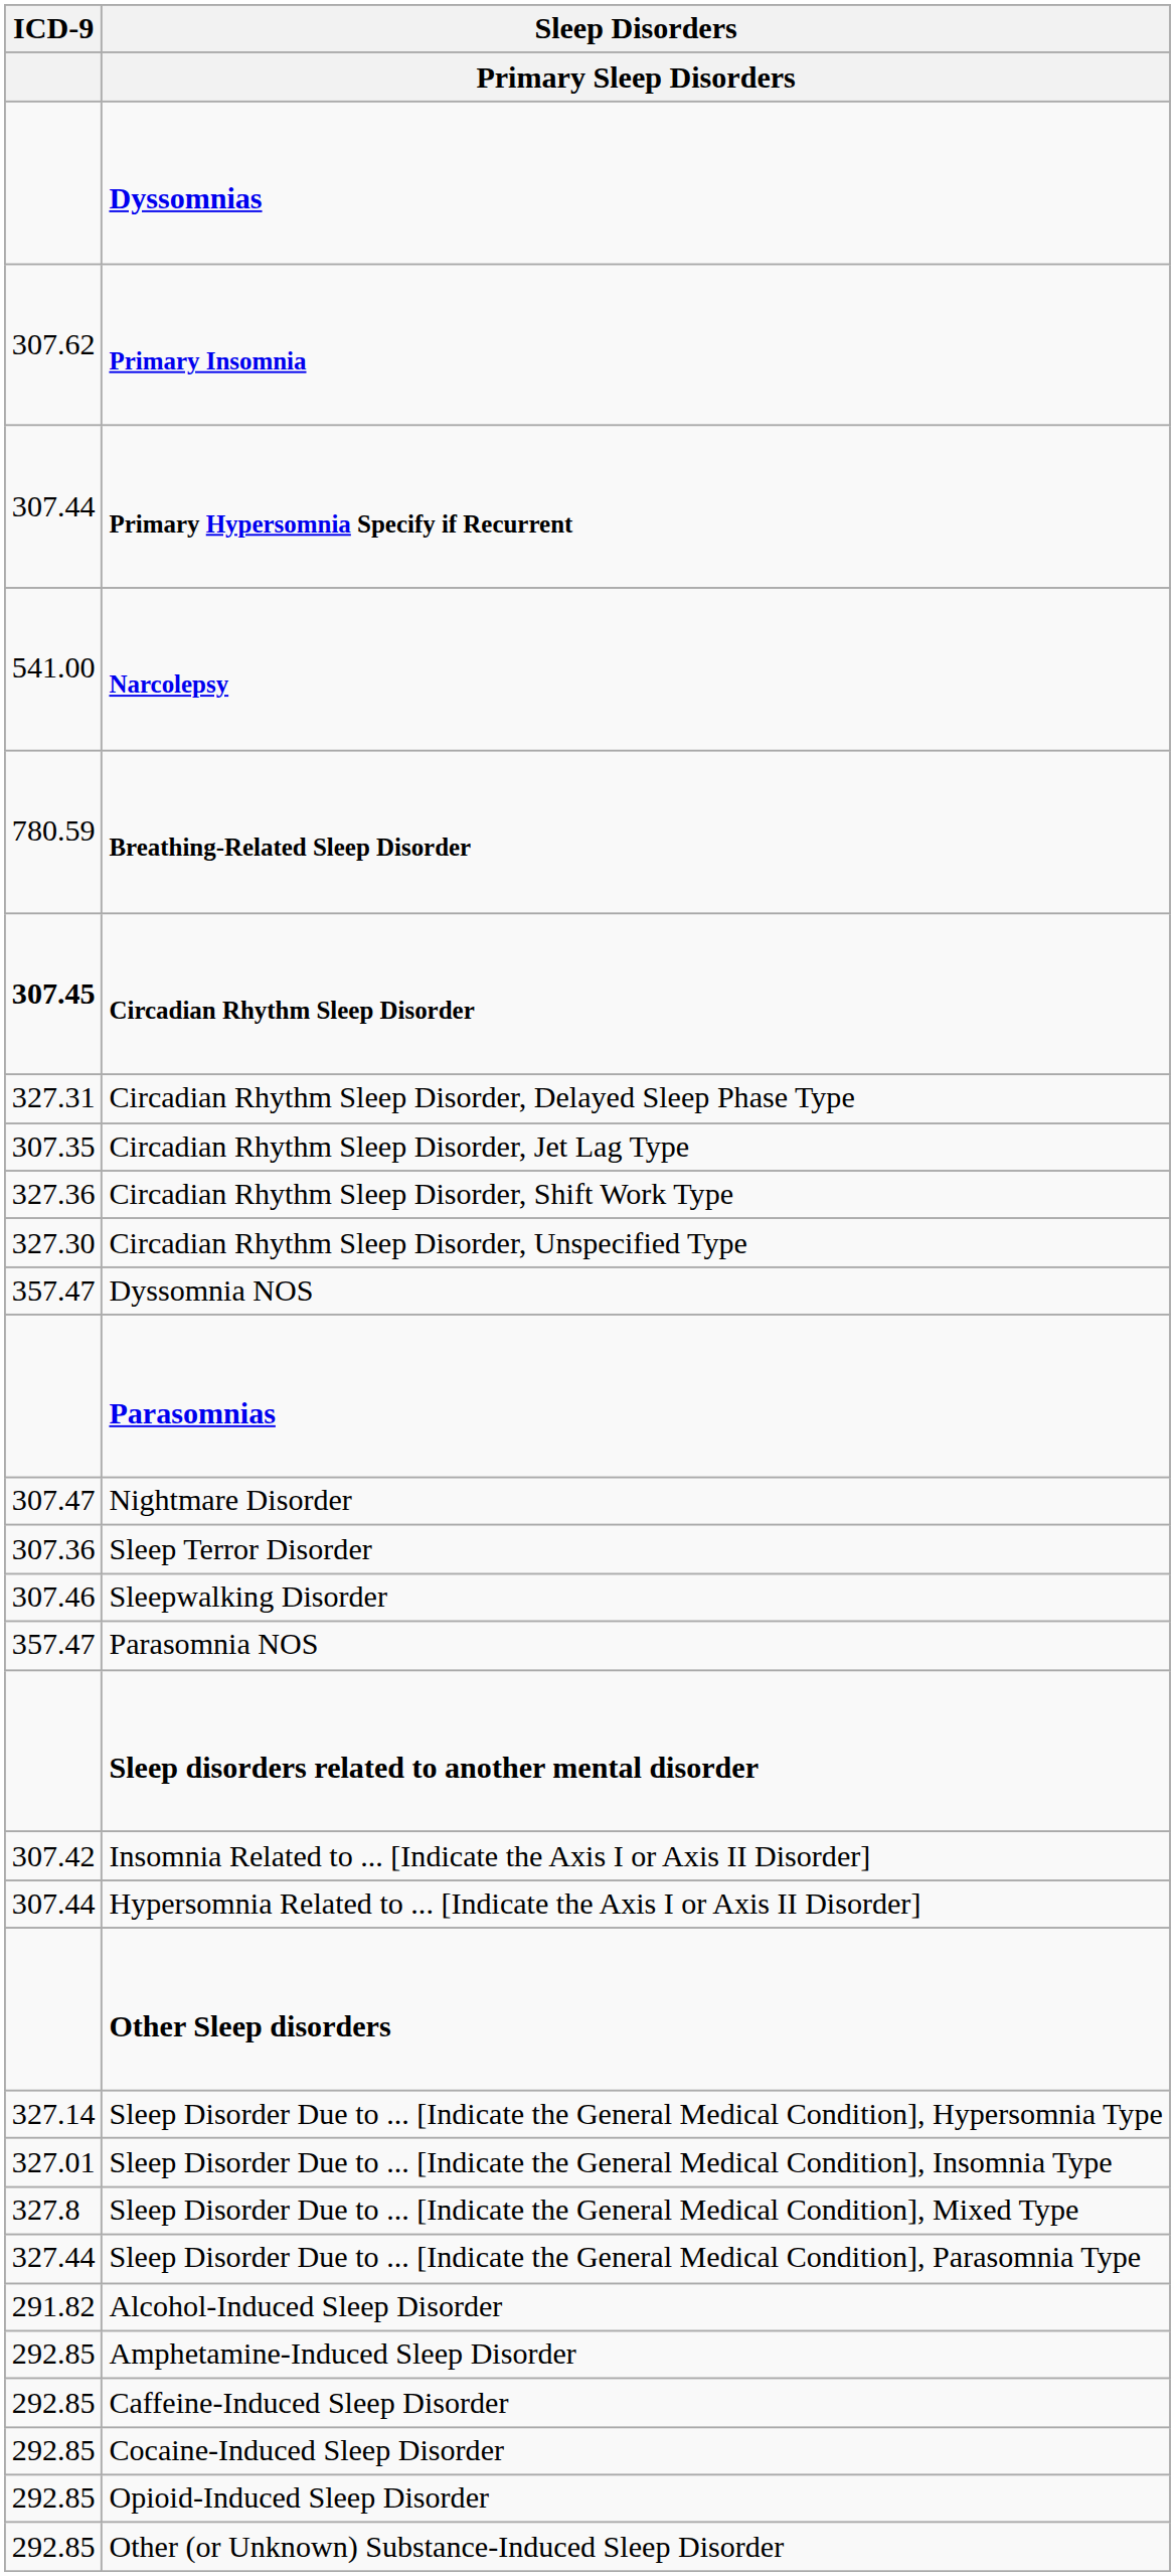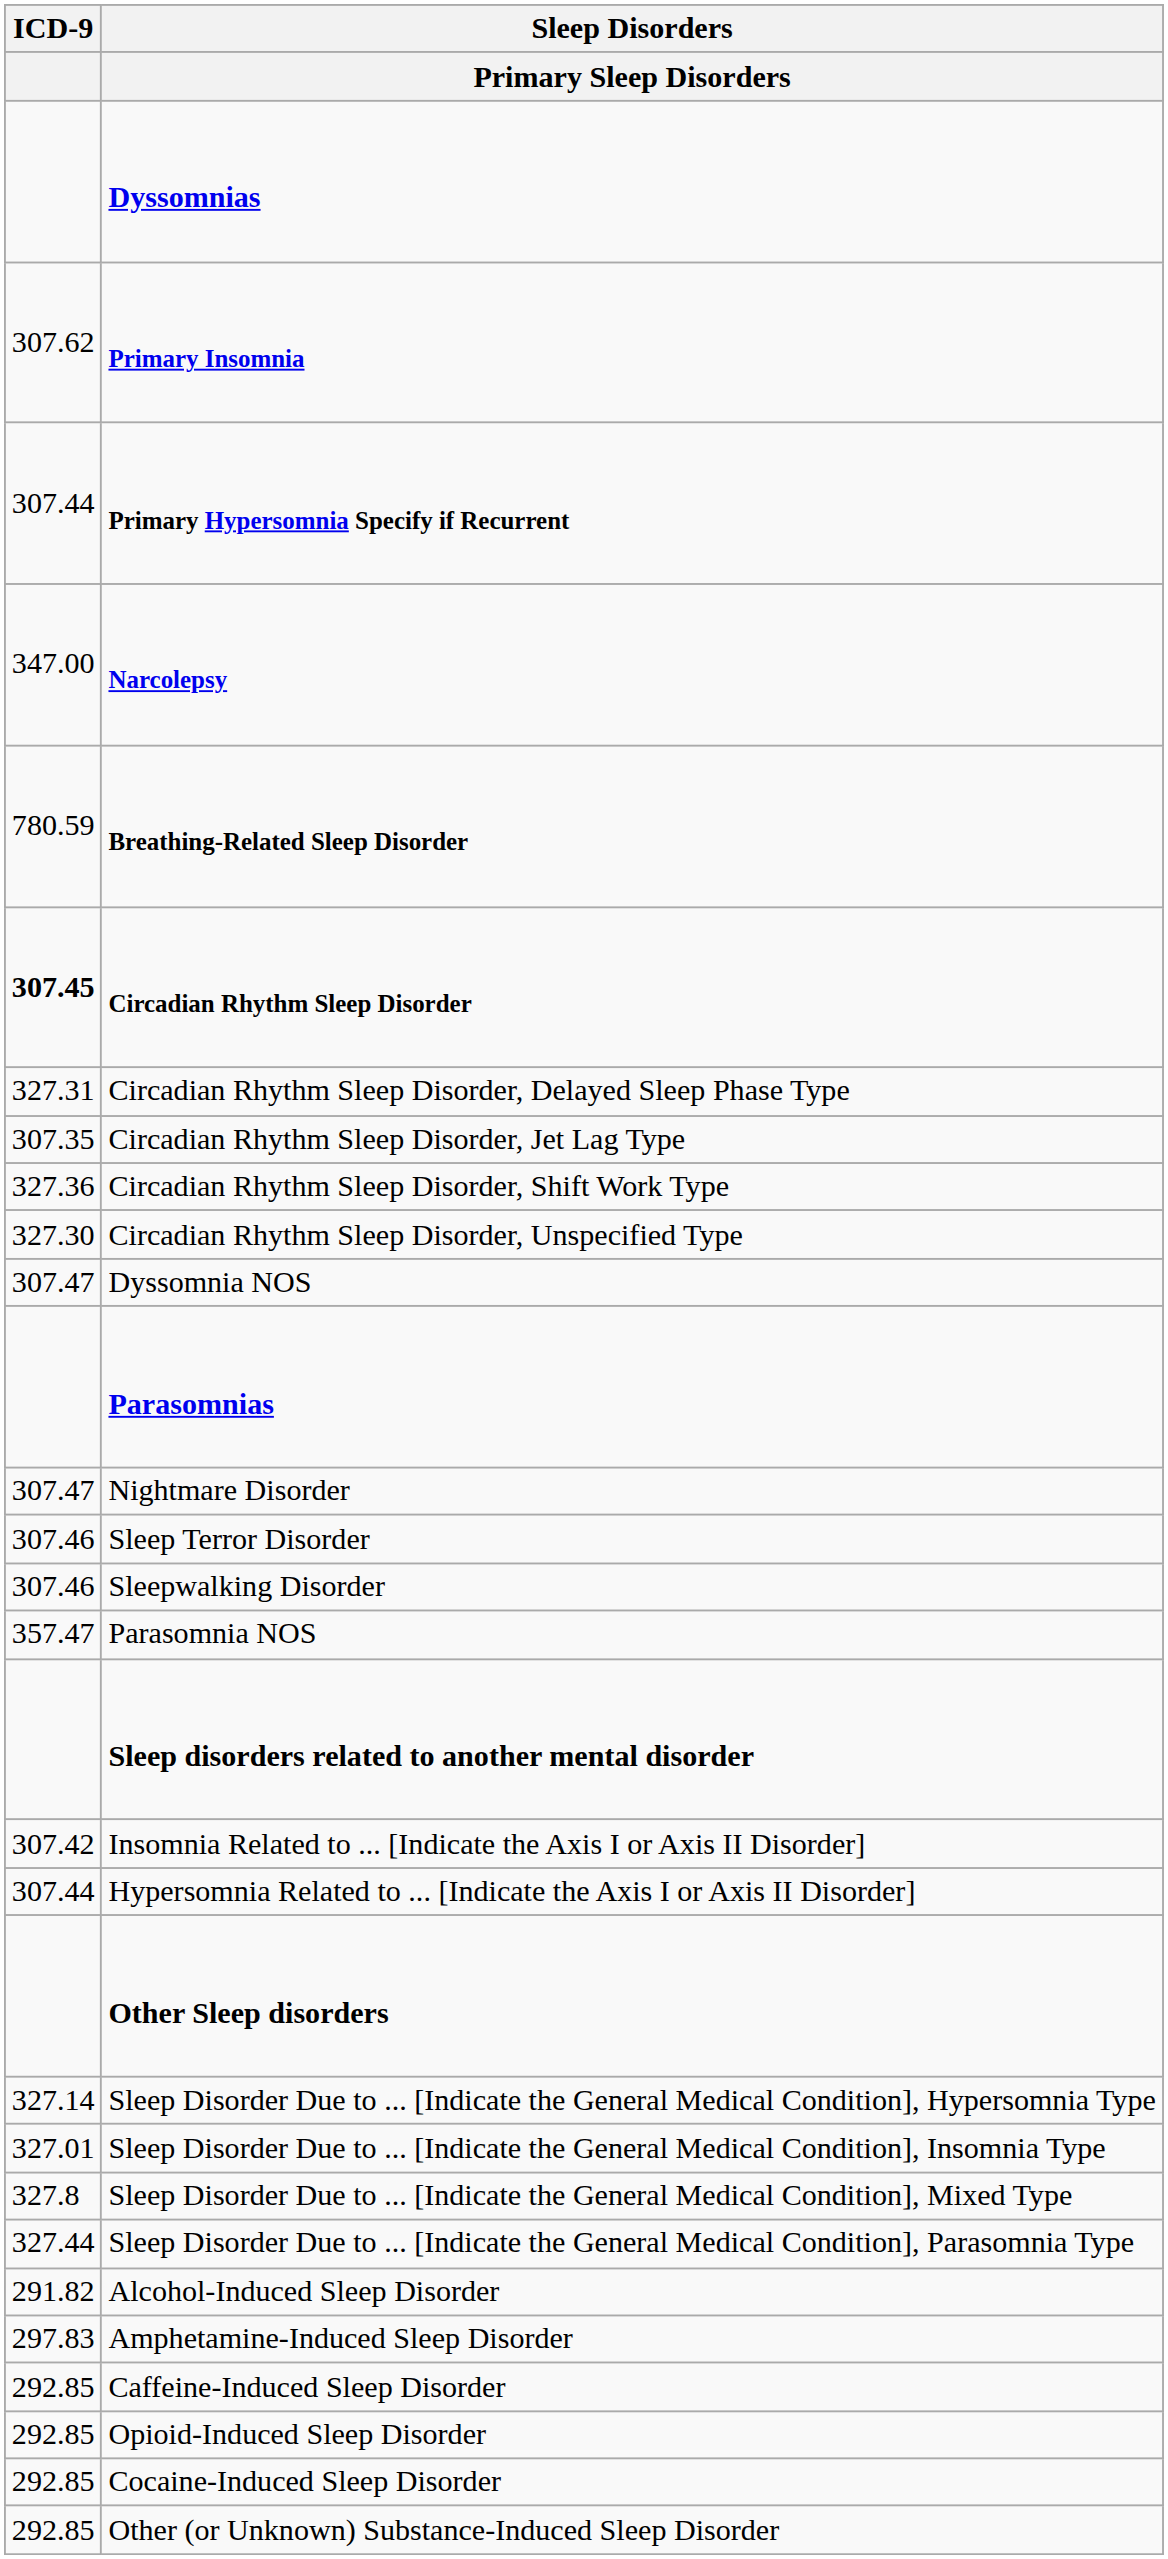 <table class="wikitable">
 <tr>
 <th>ICD-9</th>
 <th>Sleep Disorders</th>
 </tr>
 <tr>
 <th></th>
 <th>Primary Sleep Disorders</th>
 </tr>
 <tr>
 <td></td>
 <td><br><h4><a href='#'>Dyssomnias</a></h4></td>
 </tr>
 <tr>
 <td>307.62</td>
 <td><br><h5><a href='#'>Primary Insomnia</a></h5></td>
 </tr>
 <tr>
 <td>307.44</td>
 <td><br><h5>Primary <a href='#'>Hypersomnia</a> Specify if Recurrent</h5></td>
 </tr>
 <tr>
-<td>541.00</td>
+<td>347.00</td>
 <td><br><h5><a href='#'>Narcolepsy</a></h5></td>
 </tr>
 <tr>
 <td>780.59</td>
 <td><br><h5>Breathing-Related Sleep Disorder</h5></td>
 </tr>
 <tr>
 <td><strong>307.45</strong></td>
 <td><br><h5>Circadian Rhythm Sleep Disorder</h5></td>
 </tr>
 <tr>
 <td>327.31</td>
 <td>Circadian Rhythm Sleep Disorder, Delayed Sleep Phase Type</td>
 </tr>
 <tr>
 <td>307.35</td>
 <td>Circadian Rhythm Sleep Disorder, Jet Lag Type</td>
 </tr>
 <tr>
 <td>327.36</td>
 <td>Circadian Rhythm Sleep Disorder, Shift Work Type</td>
 </tr>
 <tr>
 <td>327.30</td>
 <td>Circadian Rhythm Sleep Disorder, Unspecified Type</td>
 </tr>
 <tr>
-<td>357.47</td>
+<td>307.47</td>
 <td>Dyssomnia NOS</td>
 </tr>
 <tr>
 <td></td>
 <td><br><h4><a href='#'>Parasomnias</a></h4></td>
 </tr>
 <tr>
 <td>307.47</td>
 <td>Nightmare Disorder</td>
 </tr>
 <tr>
-<td>307.36</td>
+<td>307.46</td>
 <td>Sleep Terror Disorder</td>
 </tr>
 <tr>
 <td>307.46</td>
 <td>Sleepwalking Disorder</td>
 </tr>
 <tr>
 <td>357.47</td>
 <td>Parasomnia NOS</td>
 </tr>
 <tr>
 <td></td>
 <td><br><h4>Sleep disorders related to another mental disorder</h4></td>
 </tr>
 <tr>
 <td>307.42</td>
 <td>Insomnia Related to ... [Indicate the Axis I or Axis II Disorder]</td>
 </tr>
 <tr>
 <td>307.44</td>
 <td>Hypersomnia Related to ... [Indicate the Axis I or Axis II Disorder]</td>
 </tr>
 <tr>
 <td></td>
 <td><br><h4>Other Sleep disorders</h4></td>
 </tr>
 <tr>
 <td>327.14</td>
 <td>Sleep Disorder Due to  ... [Indicate the General Medical Condition], Hypersomnia Type</td>
 </tr>
 <tr>
 <td>327.01</td>
 <td>Sleep Disorder Due to  ... [Indicate the General Medical Condition], Insomnia Type</td>
 </tr>
 <tr>
 <td>327.8</td>
 <td>Sleep Disorder Due to  ... [Indicate the General Medical Condition], Mixed Type</td>
 </tr>
 <tr>
 <td>327.44</td>
 <td>Sleep Disorder Due to  ... [Indicate the General Medical Condition], Parasomnia Type</td>
 </tr>
 <tr>
 <td>291.82</td>
 <td>Alcohol-Induced Sleep Disorder</td>
 </tr>
 <tr>
-<td>292.85</td>
+<td>297.83</td>
 <td>Amphetamine-Induced Sleep Disorder</td>
 </tr>
 <tr>
 <td>292.85</td>
 <td>Caffeine-Induced Sleep Disorder</td>
 </tr>
 <tr>
 <td>292.85</td>
-<td>Cocaine-Induced Sleep Disorder</td>
+<td>Opioid-Induced Sleep Disorder</td>
 </tr>
 <tr>
 <td>292.85</td>
-<td>Opioid-Induced Sleep Disorder</td>
+<td>Cocaine-Induced Sleep Disorder</td>
 </tr>
 <tr>
 <td>292.85</td>
 <td>Other (or Unknown)  Substance-Induced Sleep Disorder</td>
 </tr>
 </table>
